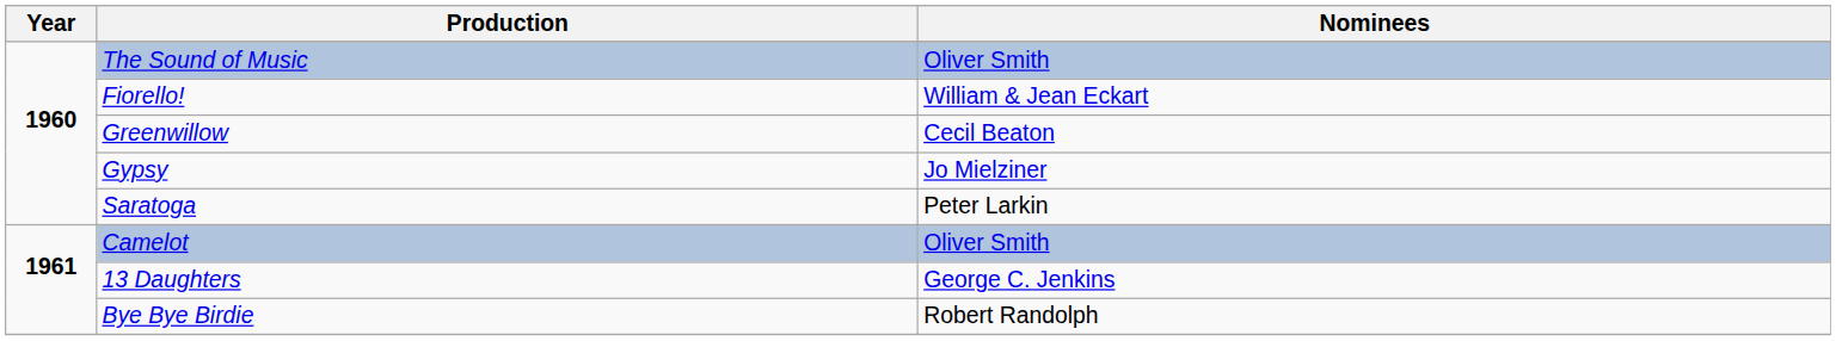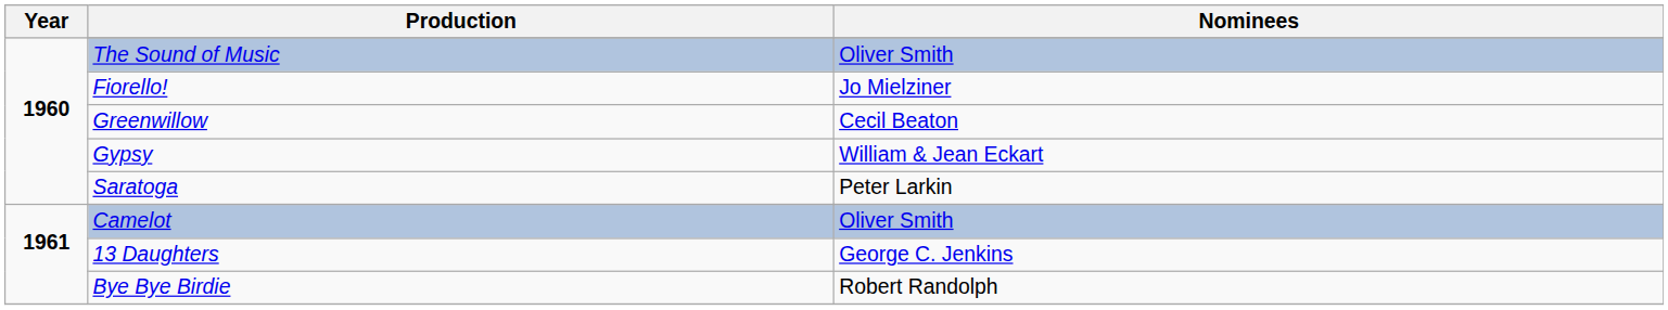 <table class="wikitable" style="width:100%;">
 <tr style="background:#bebebe;">
 <th style="width:5%;">Year</th>
 <th style="width:45%;”">Production</th>
 <th style="width:50%;”">Nominees</th>
 </tr>
 <tr>
 <td rowspan="6" align="center"><strong>1960</strong><br><br></td>
 </tr>
 <tr style="background:#B0C4DE">
 <td><em><a href='#'>The Sound of Music</a></em></td>
 <td><a href='#'>Oliver Smith</a></td>
 </tr>
 <tr>
 <td><em><a href='#'>Fiorello!</a></em></td>
-<td><a href='#'>William & Jean Eckart</a></td>
+<td><a href='#'>Jo Mielziner</a></td>
 </tr>
 <tr>
 <td><em><a href='#'>Greenwillow</a></em></td>
 <td><a href='#'>Cecil Beaton</a></td>
 </tr>
 <tr>
 <td><em><a href='#'>Gypsy</a></em></td>
-<td><a href='#'>Jo Mielziner</a></td>
+<td><a href='#'>William & Jean Eckart</a></td>
 </tr>
 <tr>
 <td><em><a href='#'>Saratoga</a></em></td>
 <td>Peter Larkin</td>
 </tr>
 <tr>
 <td rowspan="4" align="center"><strong>1961</strong><br><br></td>
 </tr>
 <tr style="background:#B0C4DE">
 <td><em><a href='#'>Camelot</a></em></td>
 <td><a href='#'>Oliver Smith</a></td>
 </tr>
 <tr>
 <td><em><a href='#'>13 Daughters</a></em></td>
 <td><a href='#'>George C. Jenkins</a></td>
 </tr>
 <tr>
 <td><em><a href='#'>Bye Bye Birdie</a></em></td>
 <td>Robert Randolph</td>
 </tr>
 <tr>
 </tr>
 </table>
